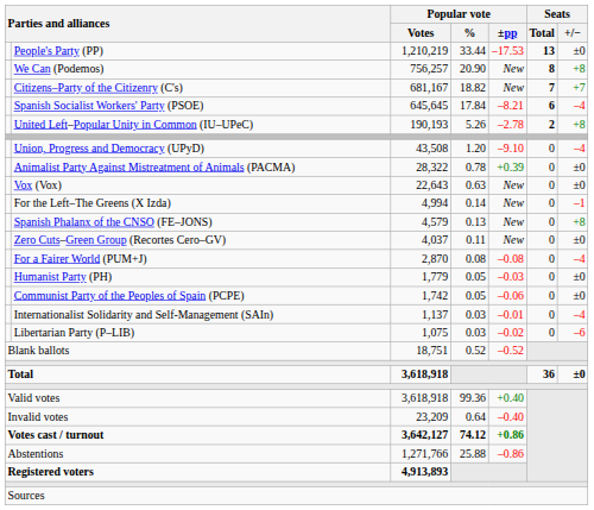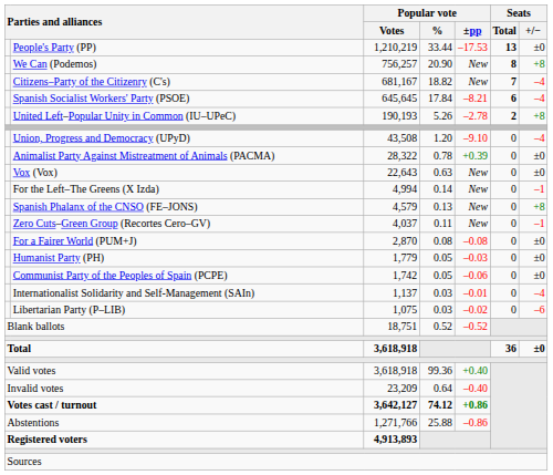 <table class="wikitable" style="text-align:right;">
 <tr>
 <th style="text-align:left;" rowspan="2" colspan="2" width="525">Parties and alliances</th>
 <th colspan="3">Popular vote</th>
 <th colspan="2">Seats</th>
 </tr>
 <tr>
 <th width="75">Votes</th>
 <th width="45">%</th>
 <th width="45">±<a href='#'>pp</a></th>
 <th width="35">Total</th>
 <th width="35">+/−</th>
 </tr>
 <tr>
 <td width="1" style="color:inherit;background:"></td>
 <td align="left"><a href='#'>People's Party</a> (PP)</td>
 <td>1,210,219</td>
 <td>33.44</td>
 <td style="color:red;">–17.53</td>
 <td><strong>13</strong></td>
 <td>±0</td>
 </tr>
 <tr>
 <td style="color:inherit;background:"></td>
 <td align="left"><a href='#'>We Can</a> (Podemos)</td>
 <td>756,257</td>
 <td>20.90</td>
 <td><em>New</em></td>
 <td><strong>8</strong></td>
 <td style="color:green;">+8</td>
 </tr>
 <tr>
 <td style="color:inherit;background:"></td>
 <td align="left"><a href='#'>Citizens–Party of the Citizenry</a> (C's)</td>
 <td>681,167</td>
 <td>18.82</td>
 <td><em>New</em></td>
 <td><strong>7</strong></td>
-<td style="color:green;">+7</td>
+<td style="color:red;">–4</td>
 </tr>
 <tr>
 <td style="color:inherit;background:"></td>
 <td align="left"><a href='#'>Spanish Socialist Workers' Party</a> (PSOE)</td>
 <td>645,645</td>
 <td>17.84</td>
 <td style="color:red;">–8.21</td>
 <td><strong>6</strong></td>
 <td style="color:red;">–4</td>
 </tr>
 <tr>
 <td style="color:inherit;background:"></td>
 <td align="left"><a href='#'>United Left</a>–<a href='#'>Popular Unity in Common</a> (IU–UPeC)</td>
 <td>190,193</td>
 <td>5.26</td>
 <td style="color:red;">–2.78</td>
 <td><strong>2</strong></td>
 <td style="color:green;">+8</td>
 </tr>
 <tr>
 <td colspan="7" bgcolor="#C0C0C0"></td>
 </tr>
 <tr>
 <td style="color:inherit;background:"></td>
 <td align="left"><a href='#'>Union, Progress and Democracy</a> (UPyD)</td>
 <td>43,508</td>
 <td>1.20</td>
 <td style="color:red;">–9.10</td>
 <td>0</td>
 <td style="color:red;">–4</td>
 </tr>
 <tr>
 <td style="color:inherit;background:"></td>
 <td align="left"><a href='#'>Animalist Party Against Mistreatment of Animals</a> (PACMA)</td>
 <td>28,322</td>
 <td>0.78</td>
 <td style="color:green;">+0.39</td>
 <td>0</td>
 <td>±0</td>
 </tr>
 <tr>
 <td style="color:inherit;background:"></td>
 <td align="left"><a href='#'>Vox</a> (Vox)</td>
 <td>22,643</td>
 <td>0.63</td>
 <td><em>New</em></td>
 <td>0</td>
 <td>±0</td>
 </tr>
 <tr>
 <td style="color:inherit;background:"></td>
 <td align="left">For the Left–The Greens (X Izda)</td>
 <td>4,994</td>
 <td>0.14</td>
 <td><em>New</em></td>
 <td>0</td>
 <td style="color:red;">–1</td>
 </tr>
 <tr>
 <td style="color:inherit;background:"></td>
 <td align="left"><a href='#'>Spanish Phalanx of the CNSO</a> (FE–JONS)</td>
 <td>4,579</td>
 <td>0.13</td>
 <td><em>New</em></td>
 <td>0</td>
 <td style="color:green;">+8</td>
 </tr>
 <tr>
 <td style="color:inherit;background:"></td>
 <td align="left"><a href='#'>Zero Cuts</a>–<a href='#'>Green Group</a> (Recortes Cero–GV)</td>
 <td>4,037</td>
 <td>0.11</td>
 <td><em>New</em></td>
 <td>0</td>
-<td>±0</td>
+<td style="color:red;">–1</td>
 </tr>
 <tr>
 <td style="color:inherit;background:"></td>
 <td align="left"><a href='#'>For a Fairer World</a> (PUM+J)</td>
 <td>2,870</td>
 <td>0.08</td>
 <td style="color:red;">–0.08</td>
 <td>0</td>
-<td style="color:red;">–4</td>
+<td>±0</td>
 </tr>
 <tr>
 <td style="color:inherit;background:"></td>
 <td align="left"><a href='#'>Humanist Party</a> (PH)</td>
 <td>1,779</td>
 <td>0.05</td>
 <td style="color:red;">–0.03</td>
 <td>0</td>
 <td>±0</td>
 </tr>
 <tr>
 <td style="color:inherit;background:"></td>
 <td align="left"><a href='#'>Communist Party of the Peoples of Spain</a> (PCPE)</td>
 <td>1,742</td>
 <td>0.05</td>
 <td style="color:red;">–0.06</td>
 <td>0</td>
 <td>±0</td>
 </tr>
 <tr>
 <td style="color:inherit;background:"></td>
 <td align="left">Internationalist Solidarity and Self-Management (SAIn)</td>
 <td>1,137</td>
 <td>0.03</td>
 <td style="color:red;">–0.01</td>
 <td>0</td>
 <td style="color:red;">–4</td>
 </tr>
 <tr>
 <td style="color:inherit;background:"></td>
 <td align="left">Libertarian Party (P–LIB)</td>
 <td>1,075</td>
 <td>0.03</td>
 <td style="color:red;">–0.02</td>
 <td>0</td>
 <td style="color:red;">–6</td>
 </tr>
 <tr>
 <td align="left" colspan="2">Blank ballots</td>
 <td>18,751</td>
 <td>0.52</td>
 <td style="color:red;">–0.52</td>
 <td bgcolor="#E9E9E9" colspan="2"></td>
 </tr>
 <tr>
 <td colspan="7" bgcolor="#E9E9E9"></td>
 </tr>
 <tr style="font-weight:bold;">
 <td align="left" colspan="2">Total</td>
 <td>3,618,918</td>
 <td bgcolor="#E9E9E9" colspan="2"></td>
 <td>36</td>
 <td>±0</td>
 </tr>
 <tr>
 <td colspan="7" bgcolor="#E9E9E9"></td>
 </tr>
 <tr>
 <td align="left" colspan="2">Valid votes</td>
 <td>3,618,918</td>
 <td>99.36</td>
 <td style="color:green;">+0.40</td>
 <td bgcolor="#E9E9E9" colspan="2" rowspan="5"></td>
 </tr>
 <tr>
 <td align="left" colspan="2">Invalid votes</td>
 <td>23,209</td>
 <td>0.64</td>
 <td style="color:red;">–0.40</td>
 </tr>
 <tr style="font-weight:bold;">
 <td align="left" colspan="2">Votes cast / turnout</td>
 <td>3,642,127</td>
 <td>74.12</td>
 <td style="color:green;">+0.86</td>
 </tr>
 <tr>
 <td align="left" colspan="2">Abstentions</td>
 <td>1,271,766</td>
 <td>25.88</td>
 <td style="color:red;">–0.86</td>
 </tr>
 <tr style="font-weight:bold;">
 <td align="left" colspan="2">Registered voters</td>
 <td>4,913,893</td>
 <td bgcolor="#E9E9E9" colspan="2"></td>
 </tr>
 <tr>
 <td colspan="7" bgcolor="#E9E9E9"></td>
 </tr>
 <tr>
 <td align="left" colspan="7">Sources</td>
 </tr>
 </table>
